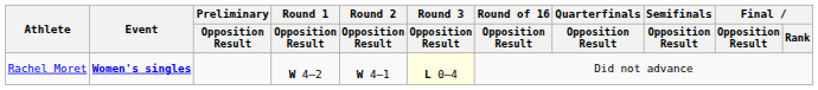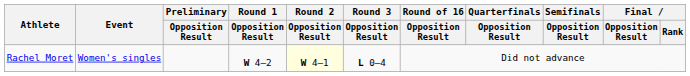 <table class="wikitable" style="font-size:90%;">
 <tr>
 <th rowspan=2>Athlete</th>
 <th rowspan=2>Event</th>
 <th>Preliminary</th>
 <th>Round 1</th>
 <th>Round 2</th>
 <th>Round 3</th>
 <th>Round of 16</th>
 <th>Quarterfinals</th>
 <th>Semifinals</th>
 <th colspan=2>Final / </th>
 </tr>
 <tr style="font-size:95%">
 <th>Opposition<br>Result</th>
 <th>Opposition<br>Result</th>
 <th>Opposition<br>Result</th>
 <th>Opposition<br>Result</th>
 <th>Opposition<br>Result</th>
 <th>Opposition<br>Result</th>
 <th>Opposition<br>Result</th>
 <th>Opposition<br>Result</th>
 <th>Rank</th>
 </tr>
 <tr align=center>
 <td align=left><a href='#'>Rachel Moret</a></td>
-<td align=left><strong><a href='#'>Women's singles</a></strong></td>
+<td align=left><a href='#'>Women's singles</a></td>
 <td></td>
 <td><br><strong>W</strong> 4–2</td>
-<td><br><strong>W</strong> 4–1</td>
-<td style="background: lightyellow;"><br><strong>L</strong> 0–4</td>
+<td style="background: lightyellow;"><br><strong>W</strong> 4–1</td>
+<td><br><strong>L</strong> 0–4</td>
 <td colspan=5>Did not advance</td>
 </tr>
 </table>
